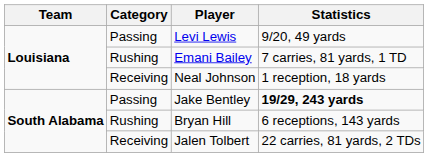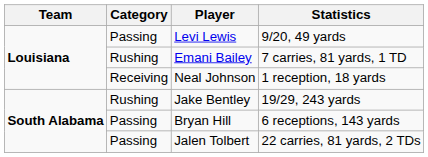 <table class="wikitable" style="float: left;">
 <tr>
 <th>Team</th>
 <th>Category</th>
 <th>Player</th>
 <th>Statistics</th>
 </tr>
 <tr>
 <td rowspan=3><strong>Louisiana</strong></td>
 <td>Passing</td>
 <td><a href='#'>Levi Lewis</a></td>
 <td>9/20, 49 yards</td>
 </tr>
 <tr>
 <td>Rushing</td>
 <td><a href='#'>Emani Bailey</a></td>
 <td>7 carries, 81 yards, 1 TD</td>
 </tr>
 <tr>
 <td>Receiving</td>
 <td>Neal Johnson</td>
 <td>1 reception, 18 yards</td>
 </tr>
 <tr>
 <td rowspan=3><strong>South Alabama</strong></td>
-<td>Passing</td>
+<td>Rushing</td>
 <td>Jake Bentley</td>
-<td><strong>19/29, 243 yards</strong></td>
+<td>19/29, 243 yards</td>
 </tr>
 <tr>
-<td>Rushing</td>
+<td>Passing</td>
 <td>Bryan Hill</td>
 <td>6 receptions, 143 yards</td>
 </tr>
 <tr>
-<td>Receiving</td>
+<td>Passing</td>
 <td>Jalen Tolbert</td>
 <td>22 carries, 81 yards, 2 TDs</td>
 </tr>
 </table>
